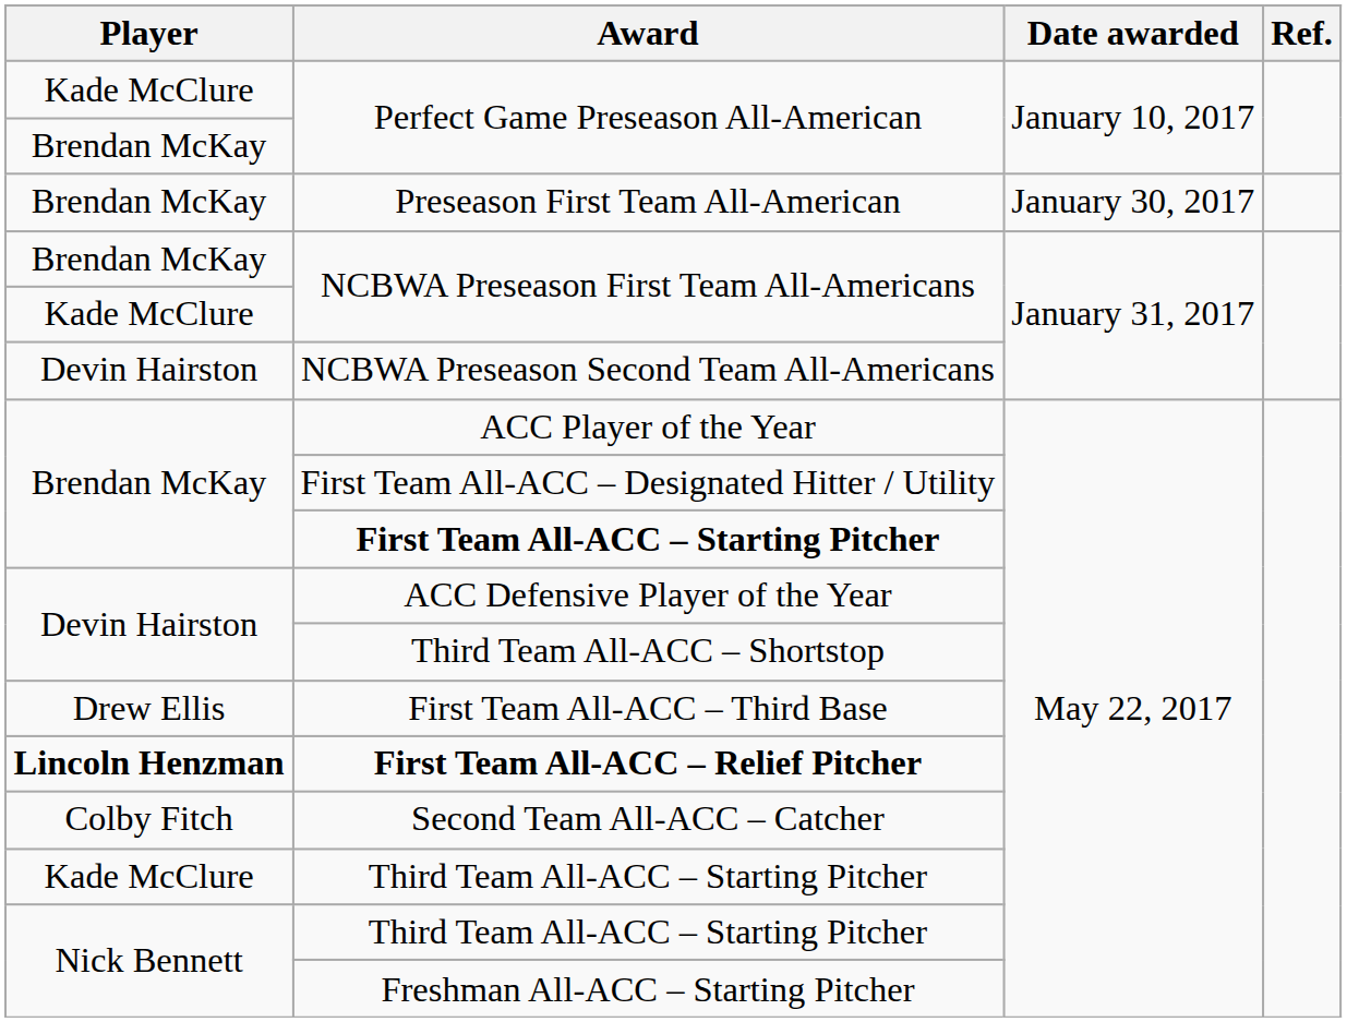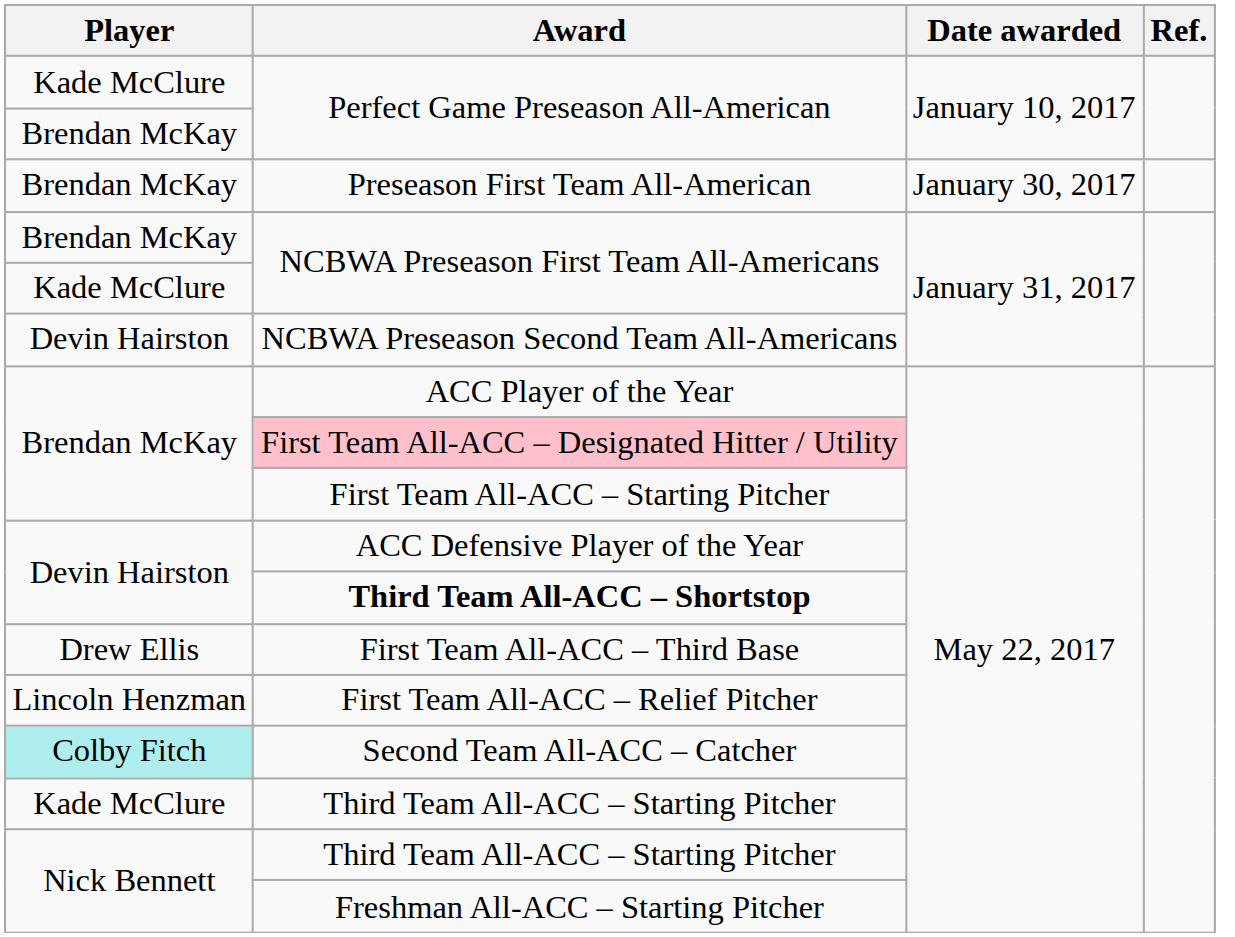 <table class="wikitable sortable sortable" style="text-align: center">
 <tr>
 <th>Player</th>
 <th>Award</th>
 <th>Date awarded</th>
 <th>Ref.</th>
 </tr>
 <tr>
 <td>Kade McClure</td>
 <td rowspan="2">Perfect Game Preseason All-American</td>
 <td rowspan="2">January 10, 2017</td>
 <td rowspan="2"></td>
 </tr>
 <tr>
 <td>Brendan McKay</td>
 </tr>
 <tr>
 <td>Brendan McKay</td>
 <td rowspan="1">Preseason First Team All-American</td>
 <td rowspan="1">January 30, 2017</td>
 <td rowspan="1"></td>
 </tr>
 <tr>
 <td>Brendan McKay</td>
 <td rowspan="2">NCBWA Preseason First Team All-Americans</td>
 <td rowspan="3">January 31, 2017</td>
 <td rowspan="3"></td>
 </tr>
 <tr>
 <td>Kade McClure</td>
 </tr>
 <tr>
 <td>Devin Hairston</td>
 <td rowspan="1">NCBWA Preseason Second Team All-Americans</td>
 </tr>
 <tr>
 <td rowspan="3">Brendan McKay</td>
 <td rowspan="1">ACC Player of the Year</td>
 <td rowspan="11">May 22, 2017</td>
 <td rowspan="11"></td>
 </tr>
 <tr>
-<td rowspan="1">First Team All-ACC – Designated Hitter / Utility</td>
+<td rowspan="1" style="background: pink;">First Team All-ACC – Designated Hitter / Utility</td>
 </tr>
 <tr>
-<td rowspan="1"><strong>First Team All-ACC – Starting Pitcher</strong></td>
+<td rowspan="1">First Team All-ACC – Starting Pitcher</td>
 </tr>
 <tr>
 <td rowspan="2">Devin Hairston</td>
 <td rowspan="1">ACC Defensive Player of the Year</td>
 </tr>
 <tr>
-<td rowspan="1">Third Team All-ACC – Shortstop</td>
+<td rowspan="1"><strong>Third Team All-ACC – Shortstop</strong></td>
 </tr>
 <tr>
 <td rowspan="1">Drew Ellis</td>
 <td rowspan="1">First Team All-ACC – Third Base</td>
 </tr>
 <tr>
-<td rowspan="1"><strong>Lincoln Henzman</strong></td>
-<td rowspan="1"><strong>First Team All-ACC – Relief Pitcher</strong></td>
+<td rowspan="1">Lincoln Henzman</td>
+<td rowspan="1">First Team All-ACC – Relief Pitcher</td>
 </tr>
 <tr>
-<td rowspan="1">Colby Fitch</td>
+<td rowspan="1" style="background: paleturquoise;">Colby Fitch</td>
 <td rowspan="1">Second Team All-ACC – Catcher</td>
 </tr>
 <tr>
 <td rowspan="1">Kade McClure</td>
 <td rowspan="1">Third Team All-ACC – Starting Pitcher</td>
 </tr>
 <tr>
 <td rowspan="2">Nick Bennett</td>
 <td rowspan="1">Third Team All-ACC – Starting Pitcher</td>
 </tr>
 <tr>
 <td rowspan="1">Freshman All-ACC – Starting Pitcher</td>
 </tr>
 </table>
